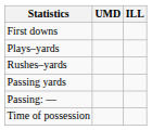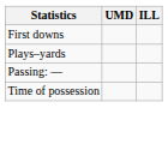 <table class="wikitable" style="float:left">
 <tr>
 <th>Statistics</th>
 <th>UMD</th>
 <th>ILL</th>
 </tr>
 <tr>
 <td>First downs</td>
 <td></td>
 <td></td>
 </tr>
 <tr>
 <td>Plays–yards</td>
 <td></td>
 <td></td>
 </tr>
 <tr>
-<td>Rushes–yards</td>
-<td></td>
-<td></td>
-</tr>
-<tr>
-<td>Passing yards</td>
-<td></td>
-<td></td>
-</tr>
-<tr>
 <td>Passing: ––</td>
 <td></td>
 <td></td>
 </tr>
 <tr>
 <td>Time of possession</td>
 <td></td>
 <td></td>
 </tr>
 </table>
